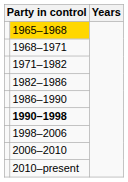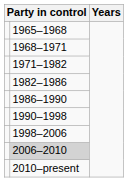 <table class="wikitable">
 <tr>
 <th colspan=2>Party in control</th>
 <th>Years</th>
 </tr>
 <tr>
 <td></td>
-<td style="background: gold;">1965–1968</td>
+<td>1965–1968</td>
 </tr>
 <tr>
 <td></td>
 <td>1968–1971</td>
 </tr>
 <tr>
 <td></td>
 <td>1971–1982</td>
 </tr>
 <tr>
 <td></td>
 <td>1982–1986</td>
 </tr>
 <tr>
 <td></td>
 <td>1986–1990</td>
 </tr>
 <tr>
 <td></td>
-<td><strong>1990–1998</strong></td>
+<td>1990–1998</td>
 </tr>
 <tr>
 <td></td>
 <td>1998–2006</td>
 </tr>
 <tr>
 <td></td>
-<td>2006–2010</td>
+<td style="background: lightgrey;">2006–2010</td>
 </tr>
 <tr>
 <td></td>
 <td>2010–present</td>
 </tr>
 </table>
